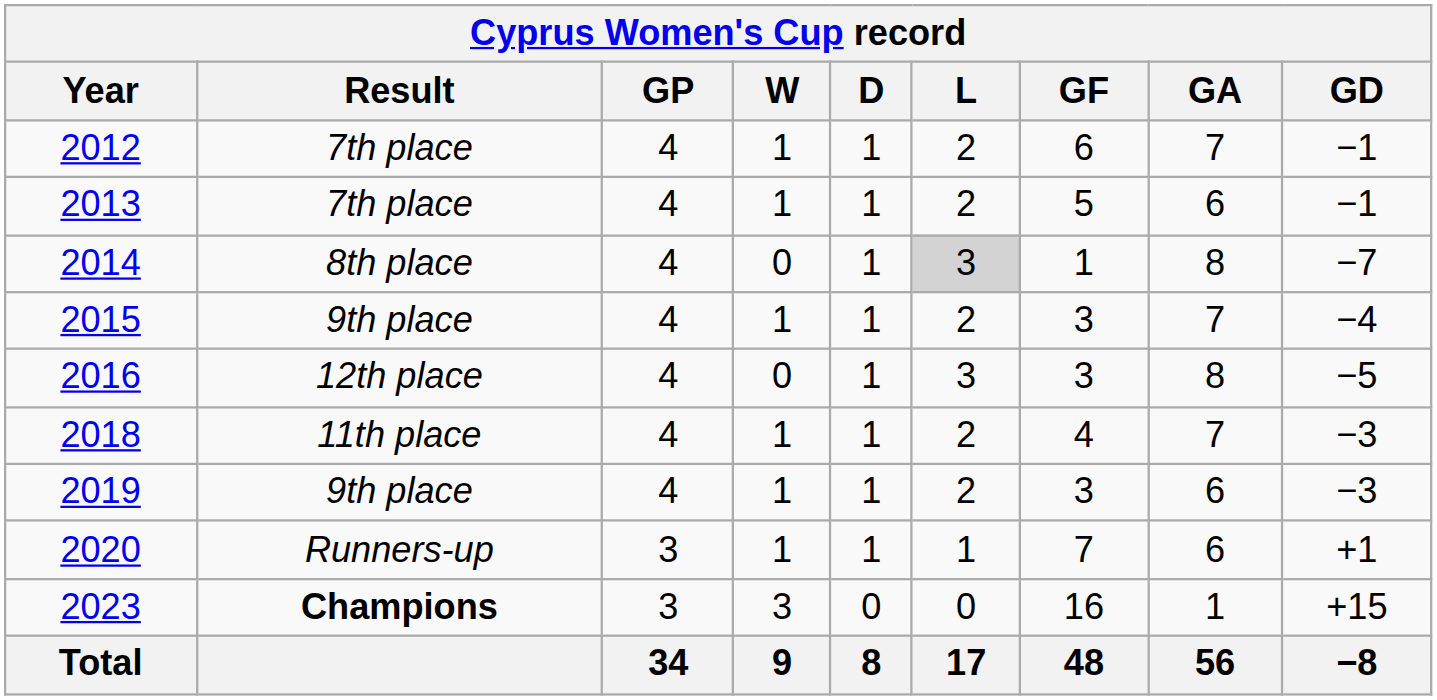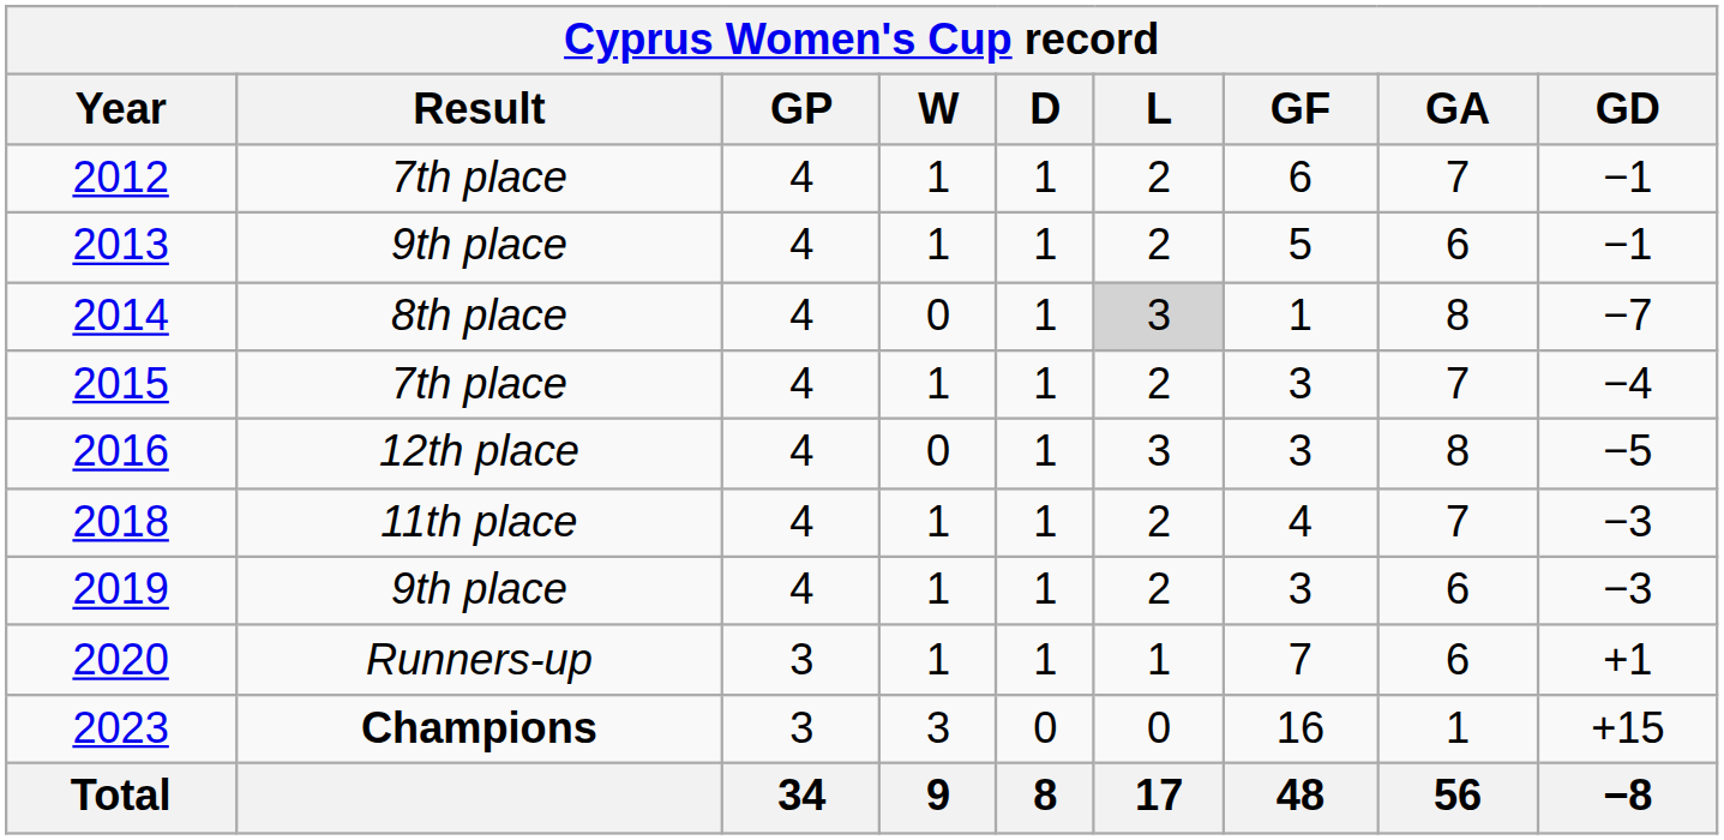 <table class="wikitable" style="text-align: center; width:50%;">
 <tr>
 <th colspan=9><a href='#'>Cyprus Women's Cup</a> record</th>
 </tr>
 <tr>
 <th>Year</th>
 <th>Result</th>
 <th>GP</th>
 <th>W</th>
 <th>D</th>
 <th>L</th>
 <th>GF</th>
 <th>GA</th>
 <th>GD</th>
 </tr>
 <tr>
 <td><a href='#'>2012</a></td>
 <td><em>7th place</em></td>
 <td>4</td>
 <td>1</td>
 <td>1</td>
 <td>2</td>
 <td>6</td>
 <td>7</td>
 <td>−1</td>
 </tr>
 <tr>
 <td><a href='#'>2013</a></td>
-<td><em>7th place</em></td>
+<td><em>9th place</em></td>
 <td>4</td>
 <td>1</td>
 <td>1</td>
 <td>2</td>
 <td>5</td>
 <td>6</td>
 <td>−1</td>
 </tr>
 <tr>
 <td><a href='#'>2014</a></td>
 <td><em>8th place</em></td>
 <td>4</td>
 <td>0</td>
 <td>1</td>
 <td style="background: lightgrey;">3</td>
 <td>1</td>
 <td>8</td>
 <td>−7</td>
 </tr>
 <tr>
 <td><a href='#'>2015</a></td>
-<td><em>9th place</em></td>
+<td><em>7th place</em></td>
 <td>4</td>
 <td>1</td>
 <td>1</td>
 <td>2</td>
 <td>3</td>
 <td>7</td>
 <td>−4</td>
 </tr>
 <tr>
 <td><a href='#'>2016</a></td>
 <td><em>12th place</em></td>
 <td>4</td>
 <td>0</td>
 <td>1</td>
 <td>3</td>
 <td>3</td>
 <td>8</td>
 <td>−5</td>
 </tr>
 <tr>
 <td><a href='#'>2018</a></td>
 <td><em>11th place</em></td>
 <td>4</td>
 <td>1</td>
 <td>1</td>
 <td>2</td>
 <td>4</td>
 <td>7</td>
 <td>−3</td>
 </tr>
 <tr>
 <td><a href='#'>2019</a></td>
 <td><em>9th place</em></td>
 <td>4</td>
 <td>1</td>
 <td>1</td>
 <td>2</td>
 <td>3</td>
 <td>6</td>
 <td>−3</td>
 </tr>
 <tr>
 <td><a href='#'>2020</a></td>
 <td><em>Runners-up</em></td>
 <td>3</td>
 <td>1</td>
 <td>1</td>
 <td>1</td>
 <td>7</td>
 <td>6</td>
 <td>+1</td>
 </tr>
 <tr>
 <td><a href='#'>2023</a></td>
 <td><strong>Champions</strong></td>
 <td>3</td>
 <td>3</td>
 <td>0</td>
 <td>0</td>
 <td>16</td>
 <td>1</td>
 <td>+15</td>
 </tr>
 <tr>
 <th>Total</th>
 <th></th>
 <th>34</th>
 <th>9</th>
 <th>8</th>
 <th>17</th>
 <th>48</th>
 <th>56</th>
 <th>−8</th>
 </tr>
 </table>
